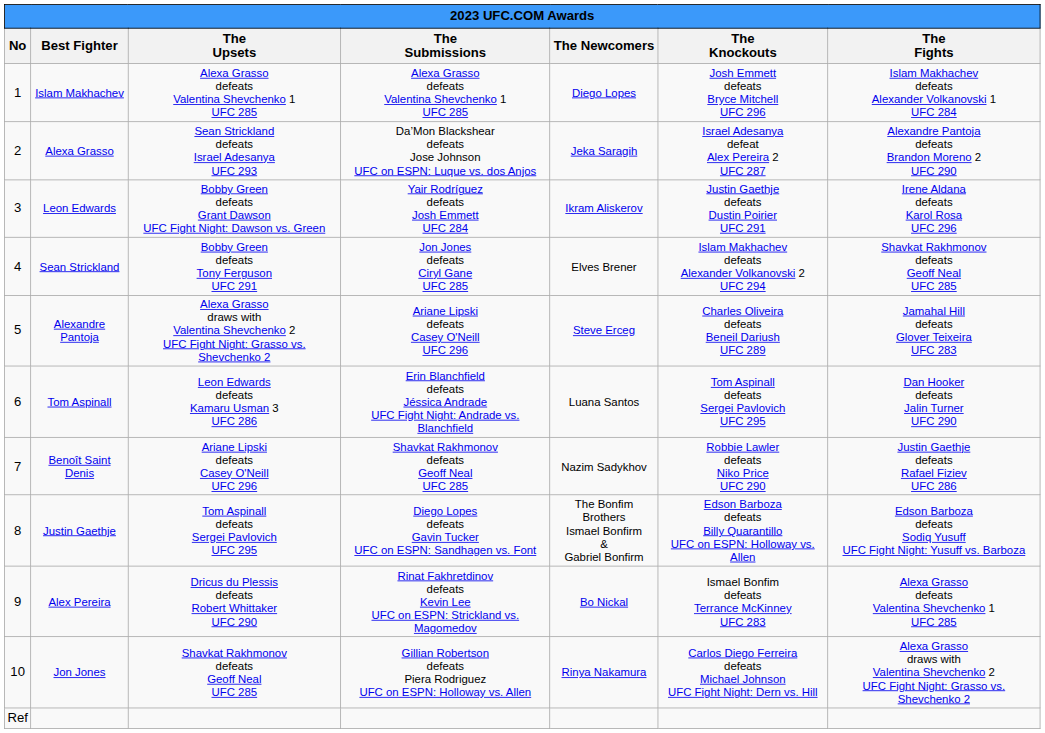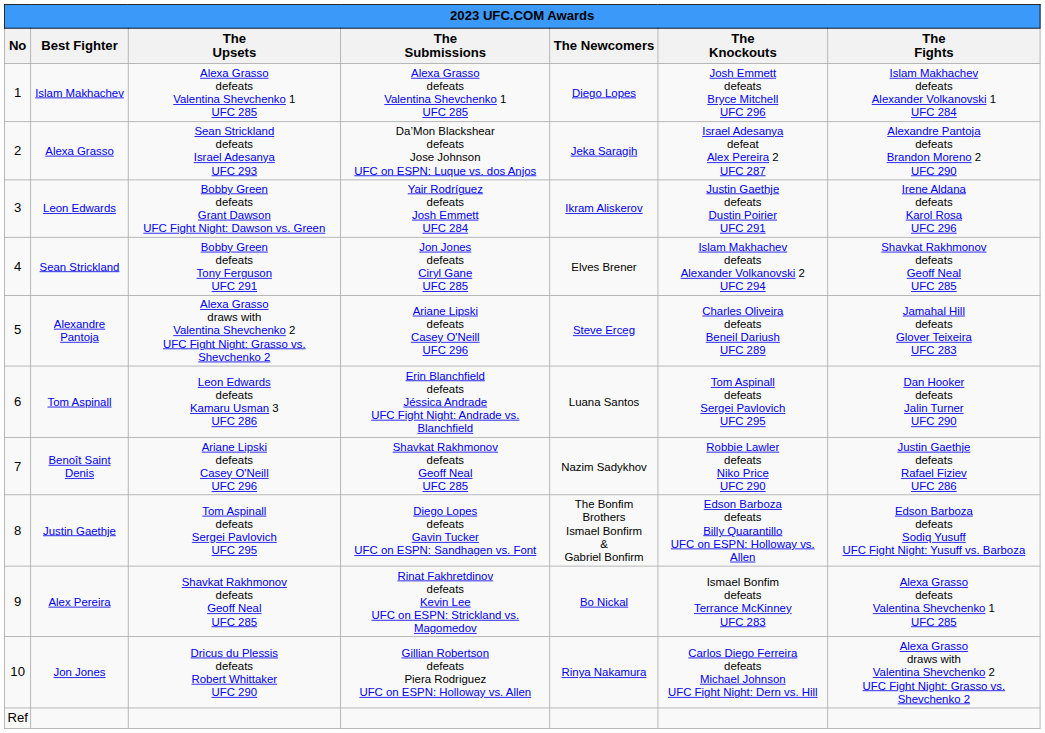 <table class="wikitable" width="100%" style="text-align:Center">
 <tr>
 <th colspan="7" style="border: 1px solid black; padding: 5px; background: #3B99FA;">2023 UFC.COM Awards</th>
 </tr>
 <tr>
 <th>No</th>
 <th>Best Fighter</th>
 <th>The<br>Upsets</th>
 <th>The<br>Submissions</th>
 <th>The Newcomers</th>
 <th>The<br>Knockouts</th>
 <th>The<br>Fights</th>
 </tr>
 <tr>
 <td>1</td>
 <td style="font-size:87%"><a href='#'>Islam Makhachev</a></td>
 <td style="font-size:87%"><a href='#'>Alexa Grasso</a> <br> defeats <br> <a href='#'>Valentina Shevchenko</a> 1 <br> <a href='#'>UFC 285</a></td>
 <td style="font-size:87%"><a href='#'>Alexa Grasso</a> <br> defeats <br> <a href='#'>Valentina Shevchenko</a> 1 <br> <a href='#'>UFC 285</a></td>
 <td style="font-size:87%"><a href='#'>Diego Lopes</a></td>
 <td style="font-size:87%"><a href='#'>Josh Emmett</a> <br> defeats <br> <a href='#'>Bryce Mitchell</a> <br> <a href='#'>UFC 296</a></td>
 <td style="font-size:87%"><a href='#'>Islam Makhachev</a> <br> defeats <br> <a href='#'>Alexander Volkanovski</a> 1 <br> <a href='#'>UFC 284</a></td>
 </tr>
 <tr>
 <td>2</td>
 <td style="font-size:87%"><a href='#'>Alexa Grasso</a></td>
 <td style="font-size:87%"><a href='#'>Sean Strickland</a> <br> defeats <br> <a href='#'>Israel Adesanya</a> <br> <a href='#'>UFC 293</a></td>
 <td style="font-size:87%">Da’Mon Blackshear <br> defeats  <br> Jose Johnson <br> <a href='#'>UFC on ESPN: Luque vs. dos Anjos</a></td>
 <td style="font-size:87%"><a href='#'>Jeka Saragih</a></td>
 <td style="font-size:87%"><a href='#'>Israel Adesanya</a> <br> defeat <br> <a href='#'>Alex Pereira</a> 2 <br> <a href='#'>UFC 287</a></td>
 <td style="font-size:87%"><a href='#'>Alexandre Pantoja</a> <br> defeats <br> <a href='#'>Brandon Moreno</a> 2 <br> <a href='#'>UFC 290</a></td>
 </tr>
 <tr>
 <td>3</td>
 <td style="font-size:87%"><a href='#'>Leon Edwards</a></td>
 <td style="font-size:87%"><a href='#'>Bobby Green</a> <br> defeats  <br> <a href='#'>Grant Dawson</a> <br> <a href='#'>UFC Fight Night: Dawson vs. Green</a></td>
 <td style="font-size:87%"><a href='#'>Yair Rodríguez</a> <br> defeats <br> <a href='#'>Josh Emmett</a> <br> <a href='#'>UFC 284</a></td>
 <td style="font-size:87%"><a href='#'>Ikram Aliskerov</a></td>
 <td style="font-size:87%"><a href='#'>Justin Gaethje</a> <br> defeats <br> <a href='#'>Dustin Poirier</a> <br> <a href='#'>UFC 291</a></td>
 <td style="font-size:87%"><a href='#'>Irene Aldana</a> <br> defeats <br> <a href='#'>Karol Rosa</a> <br> <a href='#'>UFC 296</a></td>
 </tr>
 <tr>
 <td>4</td>
 <td style="font-size:87%"><a href='#'>Sean Strickland</a></td>
 <td style="font-size:87%"><a href='#'>Bobby Green</a> <br> defeats <br> <a href='#'>Tony Ferguson</a> <br> <a href='#'>UFC 291</a></td>
 <td style="font-size:87%"><a href='#'>Jon Jones</a> <br> defeats <br> <a href='#'>Ciryl Gane</a> <br> <a href='#'>UFC 285</a></td>
 <td style="font-size:87%">Elves Brener</td>
 <td style="font-size:87%"><a href='#'>Islam Makhachev</a> <br> defeats <br> <a href='#'>Alexander Volkanovski</a> 2 <br> <a href='#'>UFC 294</a></td>
 <td style="font-size:87%"><a href='#'>Shavkat Rakhmonov</a> <br> defeats <br> <a href='#'>Geoff Neal</a> <br> <a href='#'>UFC 285</a></td>
 </tr>
 <tr>
 <td>5</td>
 <td style="font-size:87%"><a href='#'>Alexandre Pantoja</a></td>
 <td style="font-size:87%"><a href='#'>Alexa Grasso</a> <br> draws with <br> <a href='#'>Valentina Shevchenko</a> 2 <br> <a href='#'>UFC Fight Night: Grasso vs. Shevchenko 2</a></td>
 <td style="font-size:87%"><a href='#'>Ariane Lipski</a> <br> defeats <br> <a href='#'>Casey O'Neill</a> <br> <a href='#'>UFC 296</a></td>
 <td style="font-size:87%"><a href='#'>Steve Erceg</a></td>
 <td style="font-size:87%"><a href='#'>Charles Oliveira</a> <br> defeats <br> <a href='#'>Beneil Dariush</a><br> <a href='#'>UFC 289</a></td>
 <td style="font-size:87%"><a href='#'>Jamahal Hill</a> <br> defeats <br> <a href='#'>Glover Teixeira</a>  <br> <a href='#'>UFC 283</a></td>
 </tr>
 <tr>
 <td>6</td>
 <td style="font-size:87%"><a href='#'>Tom Aspinall</a></td>
 <td style="font-size:87%"><a href='#'>Leon Edwards</a> <br> defeats <br> <a href='#'>Kamaru Usman</a> 3 <br> <a href='#'>UFC 286</a></td>
 <td style="font-size:87%"><a href='#'>Erin Blanchfield</a> <br> defeats <br> <a href='#'>Jéssica Andrade</a> <br> <a href='#'>UFC Fight Night: Andrade vs. Blanchfield</a></td>
 <td style="font-size:87%">Luana Santos</td>
 <td style="font-size:87%"><a href='#'>Tom Aspinall</a> <br> defeats <br> <a href='#'>Sergei Pavlovich</a> <br> <a href='#'>UFC 295</a></td>
 <td style="font-size:87%"><a href='#'>Dan Hooker</a> <br> defeats <br> <a href='#'>Jalin Turner</a> <br> <a href='#'>UFC 290</a></td>
 </tr>
 <tr>
 <td>7</td>
 <td style="font-size:87%"><a href='#'>Benoît Saint Denis</a></td>
 <td style="font-size:87%"><a href='#'>Ariane Lipski</a> <br> defeats <br> <a href='#'>Casey O'Neill</a> <br> <a href='#'>UFC 296</a></td>
 <td style="font-size:87%"><a href='#'>Shavkat Rakhmonov</a> <br> defeats  <br> <a href='#'>Geoff Neal</a> <br> <a href='#'>UFC 285</a></td>
 <td style="font-size:87%">Nazim Sadykhov</td>
 <td style="font-size:87%"><a href='#'>Robbie Lawler</a> <br> defeats <br> <a href='#'>Niko Price</a> <br> <a href='#'>UFC 290</a></td>
 <td style="font-size:87%"><a href='#'>Justin Gaethje</a> <br> defeats <br> <a href='#'>Rafael Fiziev</a> <br> <a href='#'>UFC 286</a></td>
 </tr>
 <tr>
 <td>8</td>
 <td style="font-size:87%"><a href='#'>Justin Gaethje</a></td>
 <td style="font-size:87%"><a href='#'>Tom Aspinall</a><br> defeats <br> <a href='#'>Sergei Pavlovich</a> <br> <a href='#'>UFC 295</a></td>
 <td style="font-size:87%"><a href='#'>Diego Lopes</a> <br> defeats <br> <a href='#'>Gavin Tucker</a> <br> <a href='#'>UFC on ESPN: Sandhagen vs. Font</a></td>
 <td style="font-size:87%">The Bonfim Brothers <br> Ismael Bonfirm <br> & <br> Gabriel Bonfirm</td>
 <td style="font-size:87%"><a href='#'>Edson Barboza</a> <br> defeats <br> <a href='#'>Billy Quarantillo</a> <br> <a href='#'>UFC on ESPN: Holloway vs. Allen</a></td>
 <td style="font-size:87%"><a href='#'>Edson Barboza</a> <br> defeats <br> <a href='#'>Sodiq Yusuff</a><br> <a href='#'>UFC Fight Night: Yusuff vs. Barboza</a></td>
 </tr>
 <tr>
 <td>9</td>
 <td style="font-size:87%"><a href='#'>Alex Pereira</a></td>
-<td style="font-size:87%"><a href='#'>Dricus du Plessis</a> <br> defeats <br>  <a href='#'>Robert Whittaker</a> <br> <a href='#'>UFC 290</a></td>
+<td style="font-size:87%"><a href='#'>Shavkat Rakhmonov</a> <br> defeats <br> <a href='#'>Geoff Neal</a> <br> <a href='#'>UFC 285</a></td>
 <td style="font-size:87%"><a href='#'>Rinat Fakhretdinov</a> <br> defeats <br> <a href='#'>Kevin Lee</a> <br> <a href='#'>UFC on ESPN: Strickland vs. Magomedov</a></td>
 <td style="font-size:87%"><a href='#'>Bo Nickal</a></td>
 <td style="font-size:87%">Ismael Bonfim <br> defeats <br> <a href='#'>Terrance McKinney</a> <br> <a href='#'>UFC 283</a></td>
 <td style="font-size:87%"><a href='#'>Alexa Grasso</a> <br> defeats <br> <a href='#'>Valentina Shevchenko</a> 1 <br> <a href='#'>UFC 285</a></td>
 </tr>
 <tr>
 <td>10</td>
 <td style="font-size:87%"><a href='#'>Jon Jones</a></td>
-<td style="font-size:87%"><a href='#'>Shavkat Rakhmonov</a> <br> defeats <br> <a href='#'>Geoff Neal</a> <br> <a href='#'>UFC 285</a></td>
+<td style="font-size:87%"><a href='#'>Dricus du Plessis</a> <br> defeats <br>  <a href='#'>Robert Whittaker</a> <br> <a href='#'>UFC 290</a></td>
 <td style="font-size:87%"><a href='#'>Gillian Robertson</a> <br> defeats <br> Piera Rodriguez <br> <a href='#'>UFC on ESPN: Holloway vs. Allen</a></td>
 <td style="font-size:87%"><a href='#'>Rinya Nakamura</a></td>
 <td style="font-size:87%"><a href='#'>Carlos Diego Ferreira</a><br> defeats <br> <a href='#'>Michael Johnson</a> <br> <a href='#'>UFC Fight Night: Dern vs. Hill</a></td>
 <td style="font-size:87%"><a href='#'>Alexa Grasso</a> <br> draws with <br> <a href='#'>Valentina Shevchenko</a> 2 <br> <a href='#'>UFC Fight Night: Grasso vs. Shevchenko 2</a></td>
 </tr>
 <tr>
 <td>Ref</td>
 <td></td>
 <td></td>
 <td></td>
 <td></td>
 <td></td>
 <td></td>
 </tr>
 </table>
